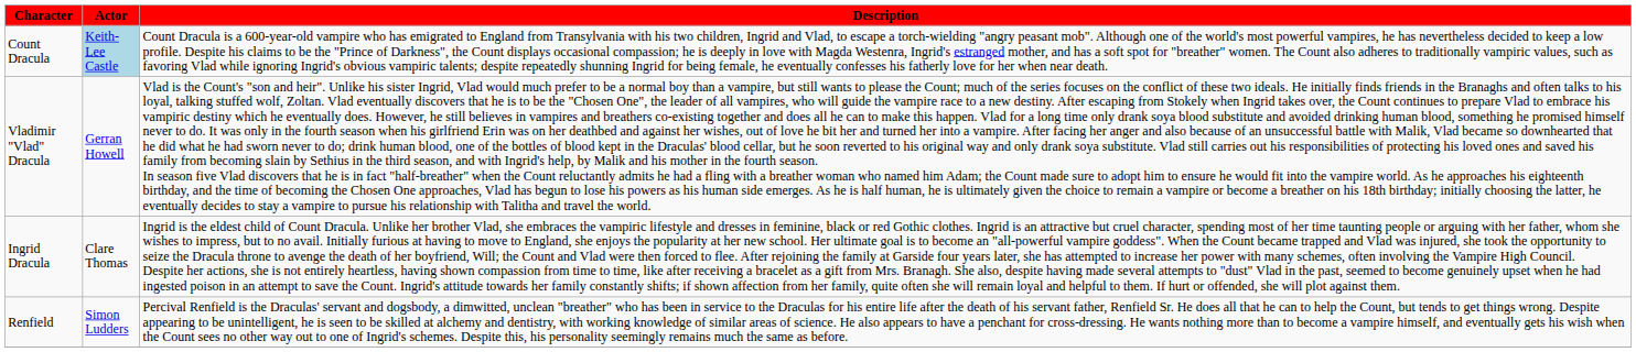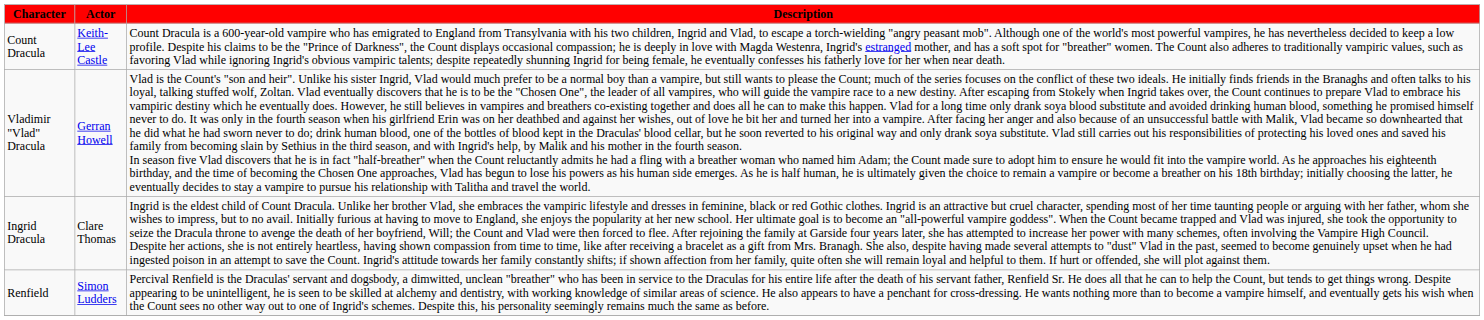 <table class="wikitable">
 <tr>
 <th style="background:#FF0000;">Character</th>
 <th style="background:#FF0000;">Actor</th>
 <th style="background:#FF0000;">Description</th>
 </tr>
 <tr>
 <td>Count Dracula</td>
-<td style="background: lightblue;"><a href='#'>Keith-Lee Castle</a></td>
+<td><a href='#'>Keith-Lee Castle</a></td>
 <td>Count Dracula is a 600-year-old vampire who has emigrated to England from Transylvania with his two children, Ingrid and Vlad, to escape a torch-wielding "angry peasant mob". Although one of the world's most powerful vampires, he has nevertheless decided to keep a low profile. Despite his claims to be the "Prince of Darkness", the Count displays occasional compassion; he is deeply in love with Magda Westenra, Ingrid's <a href='#'>estranged</a> mother, and has a soft spot for "breather" women. The Count also adheres to traditionally vampiric values, such as favoring Vlad while ignoring Ingrid's obvious vampiric talents; despite repeatedly shunning Ingrid for being female, he eventually confesses his fatherly love for her when near death.</td>
 </tr>
 <tr>
 <td>Vladimir "Vlad" Dracula</td>
 <td><a href='#'>Gerran Howell</a></td>
 <td>Vlad is the Count's "son and heir". Unlike his sister Ingrid, Vlad would much prefer to be a normal boy than a vampire, but still wants to please the Count; much of the series focuses on the conflict of these two ideals. He initially finds friends in the Branaghs and often talks to his loyal, talking stuffed wolf, Zoltan. Vlad eventually discovers that he is to be the "Chosen One", the leader of all vampires, who will guide the vampire race to a new destiny. After escaping from Stokely when Ingrid takes over, the Count continues to prepare Vlad to embrace his vampiric destiny which he eventually does. However, he still believes in vampires and breathers co-existing together and does all he can to make this happen. Vlad for a long time only drank soya blood substitute and avoided drinking human blood, something he promised himself never to do. It was only in the fourth season when his girlfriend Erin was on her deathbed and against her wishes, out of love he bit her and turned her into a vampire. After facing her anger and also because of an unsuccessful battle with Malik, Vlad became so downhearted that he did what he had sworn never to do; drink human blood, one of the bottles of blood kept in the Draculas' blood cellar, but he soon reverted to his original way and only drank soya substitute. Vlad still carries out his responsibilities of protecting his loved ones and saved his family from becoming slain by Sethius in the third season, and with Ingrid's help, by Malik and his mother in the fourth season.<br>In season five Vlad discovers that he is in fact "half-breather" when the Count reluctantly admits he had a fling with a breather woman who named him Adam; the Count made sure to adopt him to ensure he would fit into the vampire world. As he approaches his eighteenth birthday, and the time of becoming the Chosen One approaches, Vlad has begun to lose his powers as his human side emerges. As he is half human, he is ultimately given the choice to remain a vampire or become a breather on his 18th birthday; initially choosing the latter, he eventually decides to stay a vampire to pursue his relationship with Talitha and travel the world.</td>
 </tr>
 <tr>
 <td>Ingrid Dracula</td>
 <td>Clare Thomas</td>
 <td>Ingrid is the eldest child of Count Dracula. Unlike her brother Vlad, she embraces the vampiric lifestyle and dresses in feminine, black or red Gothic clothes. Ingrid is an attractive but cruel character, spending most of her time taunting people or arguing with her father, whom she wishes to impress, but to no avail. Initially furious at having to move to England, she enjoys the popularity at her new school. Her ultimate goal is to become an "all-powerful vampire goddess". When the Count became trapped and Vlad was injured, she took the opportunity to seize the Dracula throne to avenge the death of her boyfriend, Will; the Count and Vlad were then forced to flee. After rejoining the family at Garside four years later, she has attempted to increase her power with many schemes, often involving the Vampire High Council.<br>Despite her actions, she is not entirely heartless, having shown compassion from time to time, like after receiving a bracelet as a gift from Mrs. Branagh. She also, despite having made several attempts to "dust" Vlad in the past, seemed to become genuinely upset when he had ingested poison in an attempt to save the Count. Ingrid's attitude towards her family constantly shifts; if shown affection from her family, quite often she will remain loyal and helpful to them. If hurt or offended, she will plot against them.</td>
 </tr>
 <tr>
 <td>Renfield</td>
 <td><a href='#'>Simon Ludders</a></td>
 <td>Percival Renfield is the Draculas' servant and dogsbody, a dimwitted, unclean "breather" who has been in service to the Draculas for his entire life after the death of his servant father, Renfield Sr. He does all that he can to help the Count, but tends to get things wrong. Despite appearing to be unintelligent, he is seen to be skilled at alchemy and dentistry, with working knowledge of similar areas of science. He also appears to have a penchant for cross-dressing. He wants nothing more than to become a vampire himself, and eventually gets his wish when the Count sees no other way out to one of Ingrid's schemes. Despite this, his personality seemingly remains much the same as before.</td>
 </tr>
 <tr>
 </tr>
 </table>
